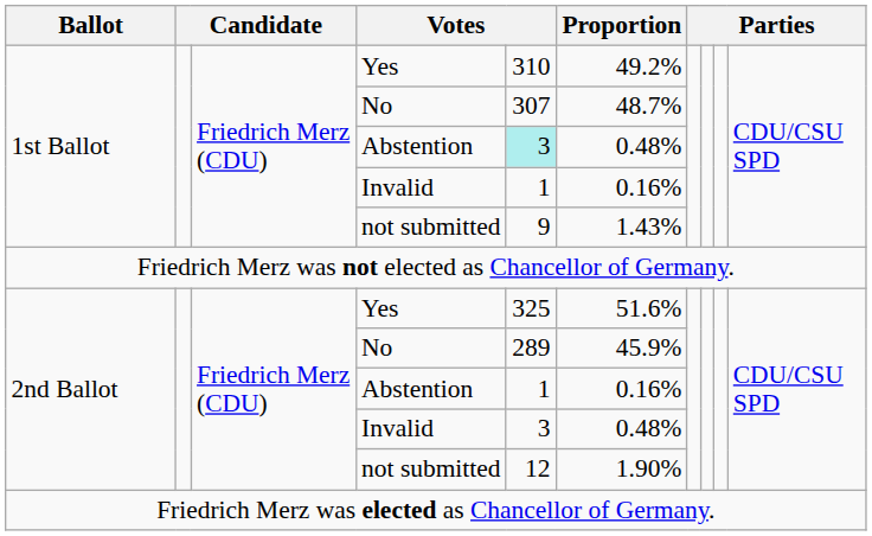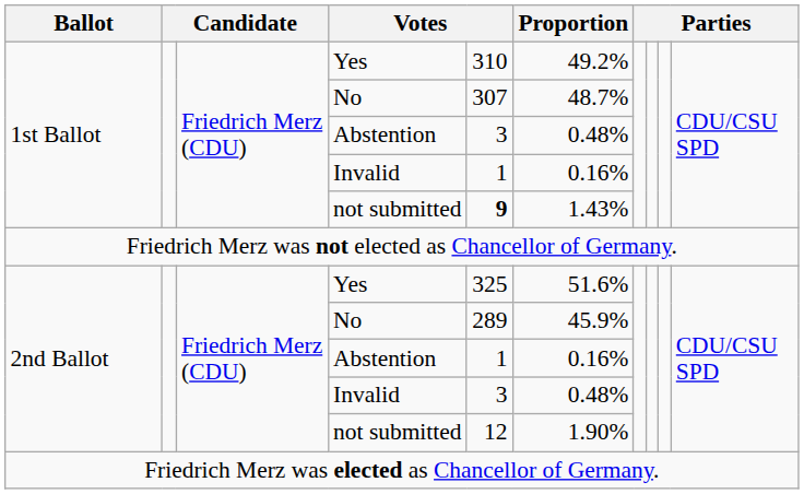 <table class="wikitable">
 <tr>
 <th style="width:100px">Ballot</th>
 <th colspan="2">Candidate</th>
 <th colspan="2">Votes</th>
 <th>Proportion</th>
 <th colspan="4">Parties</th>
 </tr>
 <tr>
 <td rowspan="5">1st Ballot</td>
 <td rowspan="5" style="width:1px; background-color:"></td>
 <td rowspan="5"><a href='#'>Friedrich Merz</a><br> (<a href='#'>CDU</a>)</td>
 <td>Yes</td>
 <td style="text-align:right; widht:30px">310</td>
 <td style="text-align:right">49.2%</td>
 <td rowspan="5" style="width:1px; background-color:"></td>
 <td rowspan="5" style="width:1px; background-color:"></td>
 <td rowspan="5" style="width:1px; background-color:"></td>
 <td rowspan="5" style="width:80px"><a href='#'>CDU/CSU<br>SPD</a></td>
 </tr>
 <tr>
 <td>No</td>
 <td style="text-align:right;">307</td>
 <td style="text-align:right;">48.7%</td>
 </tr>
 <tr>
 <td>Abstention</td>
-<td style="background: paleturquoise; text-align:right;">3</td>
+<td style="text-align:right;">3</td>
 <td style="text-align:right;">0.48%</td>
 </tr>
 <tr>
 <td>Invalid</td>
 <td style="text-align:right;">1</td>
 <td style="text-align:right;">0.16%</td>
 </tr>
 <tr>
 <td>not submitted</td>
-<td style="text-align:right;">9</td>
+<td style="text-align:right;"><strong>9</strong></td>
 <td style="text-align:right;">1.43%</td>
 </tr>
 <tr>
 <td colspan="10" style="text-align:center;">Friedrich Merz was <strong>not</strong> elected as <a href='#'>Chancellor of Germany</a>.</td>
 </tr>
 <tr>
 <td rowspan="5">2nd Ballot</td>
 <td rowspan="5" style="width:2px; background-color:"></td>
 <td rowspan="5"><a href='#'>Friedrich Merz</a><br> (<a href='#'>CDU</a>)</td>
 <td>Yes</td>
 <td style="text-align:right">325</td>
 <td style="text-align:right;">51.6%</td>
 <td rowspan="5" style="width:1px; background-color:"></td>
 <td rowspan="5" style="width:1px; background-color:"></td>
 <td rowspan="5" style="width:1px; background-color:"></td>
 <td rowspan="5" style="width=100px"><a href='#'>CDU/CSU<br>SPD</a></td>
 </tr>
 <tr>
 <td>No</td>
 <td style="text-align:right;">289</td>
 <td style="text-align:right;">45.9%</td>
 </tr>
 <tr>
 <td>Abstention</td>
 <td style="text-align:right;">1</td>
 <td style="text-align:right;">0.16%</td>
 </tr>
 <tr>
 <td>Invalid</td>
 <td style="text-align:right;">3</td>
 <td style="text-align:right;">0.48%</td>
 </tr>
 <tr>
 <td>not submitted</td>
 <td style="text-align:right;">12</td>
 <td style="text-align:right;">1.90%</td>
 </tr>
 <tr>
 <td colspan="10" style="text-align:center;">Friedrich Merz was <strong>elected</strong> as <a href='#'>Chancellor of Germany</a>.</td>
 </tr>
 </table>
